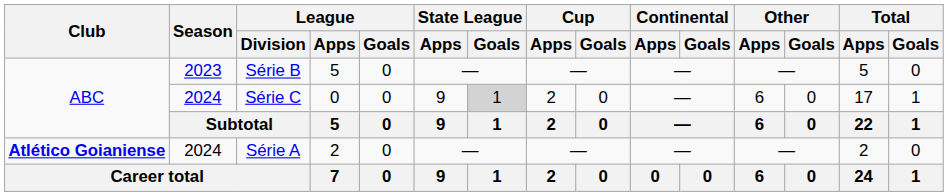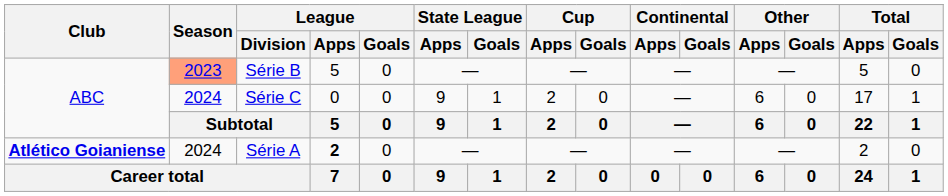 <table class="wikitable" style="text-align: center;">
 <tr>
 <th rowspan="2">Club</th>
 <th rowspan="2">Season</th>
 <th colspan="3">League</th>
 <th colspan="2">State League</th>
 <th colspan="2">Cup</th>
 <th colspan="2">Continental</th>
 <th colspan="2">Other</th>
 <th colspan="2">Total</th>
 </tr>
 <tr>
 <th>Division</th>
 <th>Apps</th>
 <th>Goals</th>
 <th>Apps</th>
 <th>Goals</th>
 <th>Apps</th>
 <th>Goals</th>
 <th>Apps</th>
 <th>Goals</th>
 <th>Apps</th>
 <th>Goals</th>
 <th>Apps</th>
 <th>Goals</th>
 </tr>
 <tr>
 <td rowspan="3" valign="center"><a href='#'>ABC</a></td>
-<td><a href='#'>2023</a></td>
+<td style="background: lightsalmon;"><a href='#'>2023</a></td>
 <td><a href='#'>Série B</a></td>
 <td>5</td>
 <td>0</td>
 <td colspan="2">—</td>
 <td colspan="2">—</td>
 <td colspan="2">—</td>
 <td colspan="2">—</td>
 <td>5</td>
 <td>0</td>
 </tr>
 <tr>
 <td><a href='#'>2024</a></td>
 <td><a href='#'>Série C</a></td>
 <td>0</td>
 <td>0</td>
 <td>9</td>
-<td style="background: lightgrey;">1</td>
+<td>1</td>
 <td>2</td>
 <td>0</td>
 <td colspan="2">—</td>
 <td>6</td>
 <td>0</td>
 <td>17</td>
 <td>1</td>
 </tr>
 <tr>
 <th colspan="2">Subtotal</th>
 <th>5</th>
 <th>0</th>
 <th>9</th>
 <th>1</th>
 <th>2</th>
 <th>0</th>
 <th colspan="2">—</th>
 <th>6</th>
 <th>0</th>
 <th>22</th>
 <th>1</th>
 </tr>
 <tr>
 <td valign="center"><strong><a href='#'>Atlético Goianiense</a></strong></td>
 <td>2024</td>
 <td><a href='#'>Série A</a></td>
-<td>2</td>
+<td><strong>2</strong></td>
 <td>0</td>
 <td colspan="2">—</td>
 <td colspan="2">—</td>
 <td colspan="2">—</td>
 <td colspan="2">—</td>
 <td>2</td>
 <td>0</td>
 </tr>
 <tr>
 <th colspan="3"><strong>Career total</strong></th>
 <th>7</th>
 <th>0</th>
 <th>9</th>
 <th>1</th>
 <th>2</th>
 <th>0</th>
 <th>0</th>
 <th>0</th>
 <th>6</th>
 <th>0</th>
 <th>24</th>
 <th>1</th>
 </tr>
 </table>
